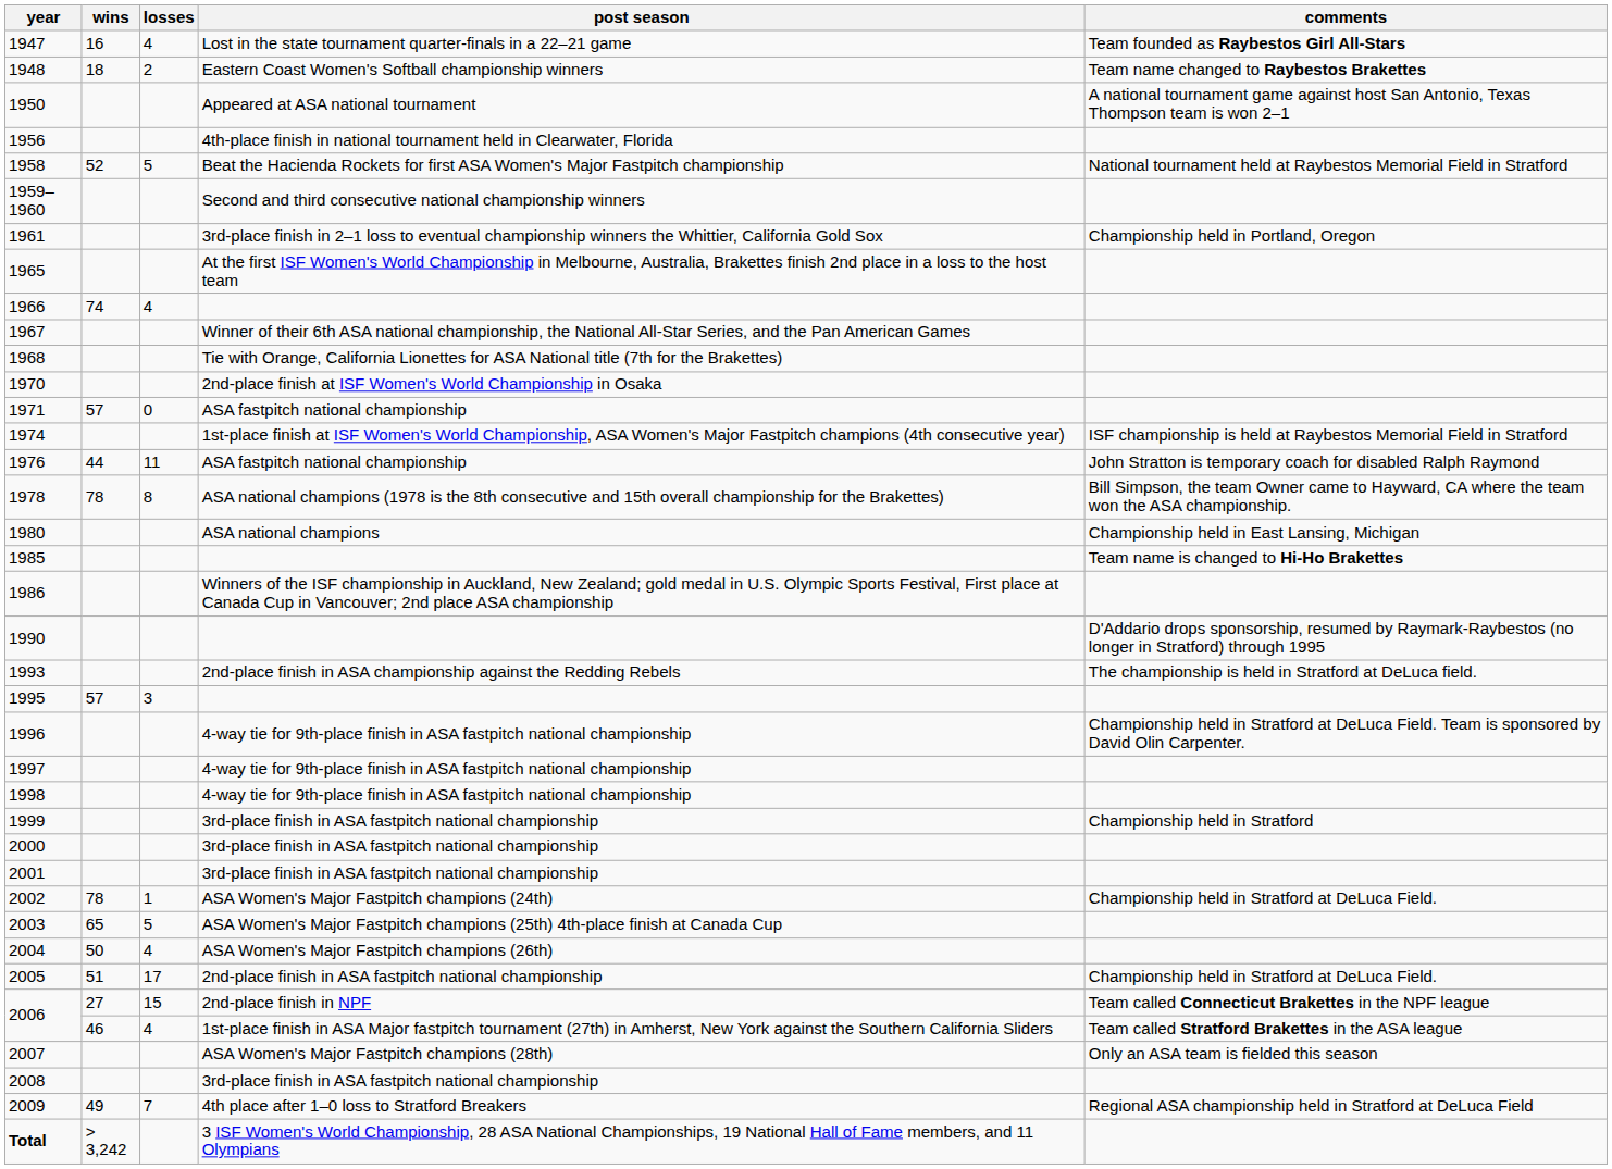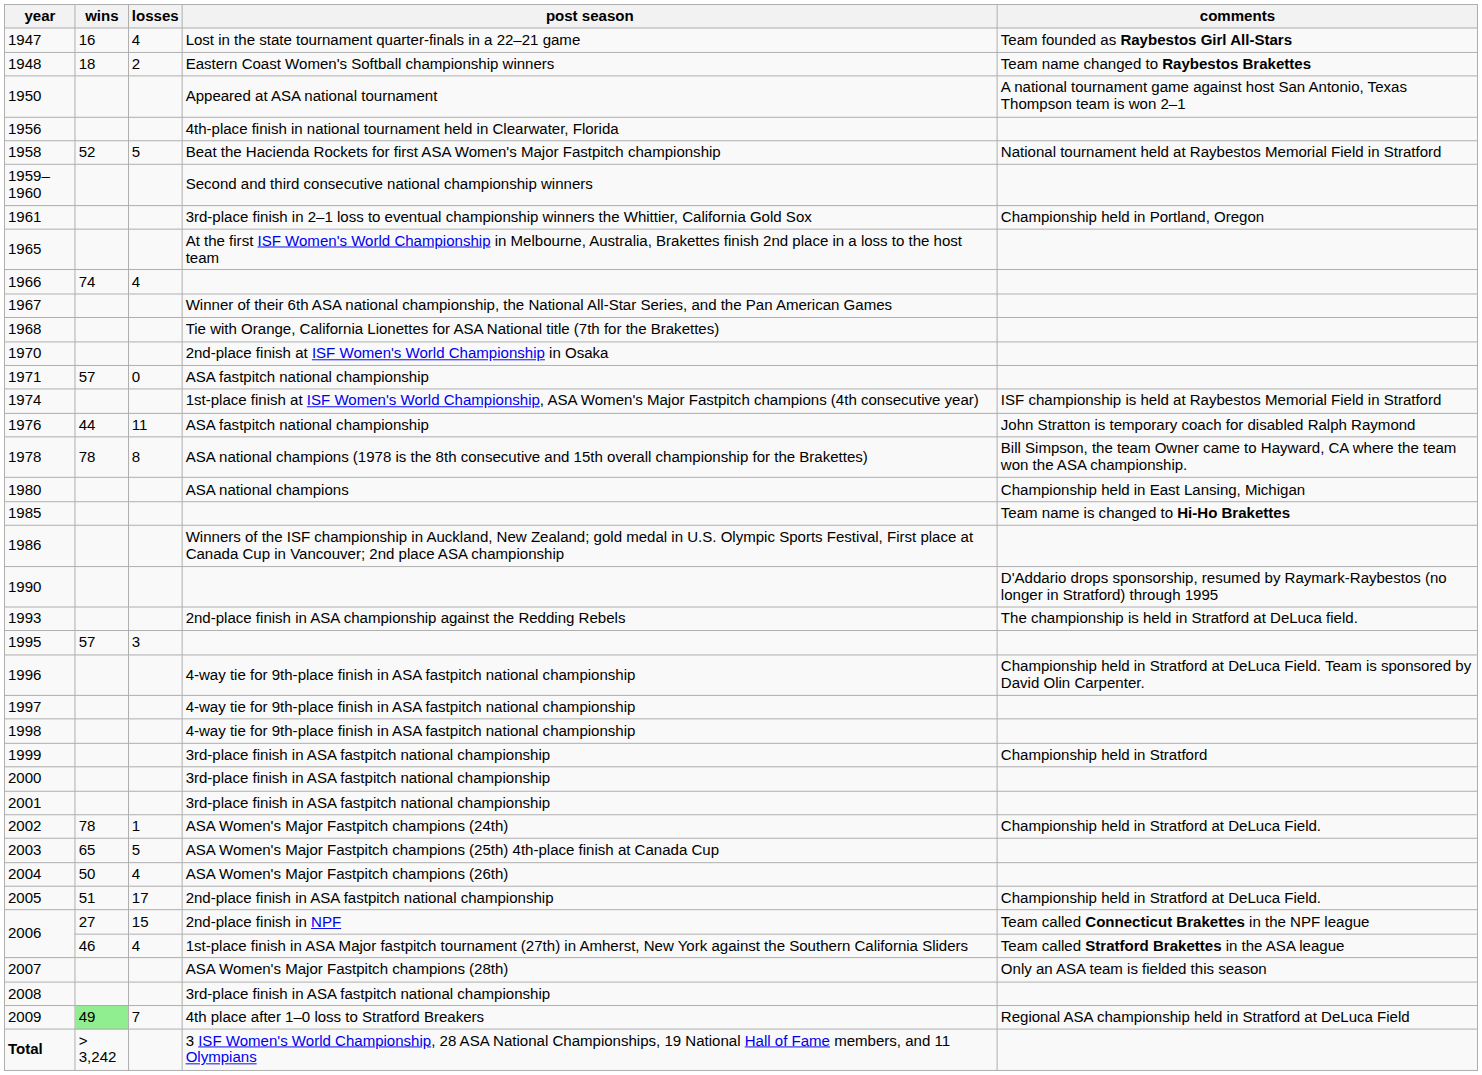 <table class="wikitable">
 <tr>
 <th>year</th>
 <th>wins</th>
 <th>losses</th>
 <th>post season</th>
 <th>comments</th>
 </tr>
 <tr>
 <td>1947</td>
 <td>16</td>
 <td>4</td>
 <td>Lost in the state tournament quarter-finals in a 22–21 game</td>
 <td>Team founded as <strong>Raybestos Girl All-Stars</strong></td>
 </tr>
 <tr>
 <td>1948</td>
 <td>18</td>
 <td>2</td>
 <td>Eastern Coast Women's Softball championship winners</td>
 <td>Team name changed to <strong>Raybestos Brakettes</strong></td>
 </tr>
 <tr>
 <td>1950</td>
 <td></td>
 <td></td>
 <td>Appeared at ASA national tournament</td>
 <td>A national tournament game against host San Antonio, Texas Thompson team is won 2–1</td>
 </tr>
 <tr>
 <td>1956</td>
 <td></td>
 <td></td>
 <td>4th-place finish in national tournament held in Clearwater, Florida</td>
 <td></td>
 </tr>
 <tr>
 <td>1958</td>
 <td>52</td>
 <td>5</td>
 <td>Beat the Hacienda Rockets for first ASA Women's Major Fastpitch championship</td>
 <td>National tournament held at Raybestos Memorial Field in Stratford</td>
 </tr>
 <tr>
 <td>1959–1960</td>
 <td></td>
 <td></td>
 <td>Second and third consecutive national championship winners</td>
 <td></td>
 </tr>
 <tr>
 <td>1961</td>
 <td></td>
 <td></td>
 <td>3rd-place finish in 2–1 loss to eventual championship winners the Whittier, California Gold Sox</td>
 <td>Championship held in Portland, Oregon</td>
 </tr>
 <tr>
 <td>1965</td>
 <td></td>
 <td></td>
 <td>At the first <a href='#'>ISF Women's World Championship</a> in Melbourne, Australia, Brakettes finish 2nd place in a loss to the host team</td>
 <td></td>
 </tr>
 <tr>
 <td>1966</td>
 <td>74</td>
 <td>4</td>
 <td></td>
 <td></td>
 </tr>
 <tr>
 <td>1967</td>
 <td></td>
 <td></td>
 <td>Winner of their 6th ASA national championship, the National All-Star Series, and the Pan American Games</td>
 <td></td>
 </tr>
 <tr>
 <td>1968</td>
 <td></td>
 <td></td>
 <td>Tie with Orange, California Lionettes for ASA National title (7th for the Brakettes)</td>
 <td></td>
 </tr>
 <tr>
 <td>1970</td>
 <td></td>
 <td></td>
 <td>2nd-place finish at <a href='#'>ISF Women's World Championship</a> in Osaka</td>
 <td></td>
 </tr>
 <tr>
 <td>1971</td>
 <td>57</td>
 <td>0</td>
 <td>ASA fastpitch national championship</td>
 <td></td>
 </tr>
 <tr>
 <td>1974</td>
 <td></td>
 <td></td>
 <td>1st-place finish at <a href='#'>ISF Women's World Championship</a>,  ASA Women's Major Fastpitch champions (4th consecutive year)</td>
 <td>ISF championship is held at Raybestos Memorial Field in Stratford</td>
 </tr>
 <tr>
 <td>1976</td>
 <td>44</td>
 <td>11</td>
 <td>ASA fastpitch national championship</td>
 <td>John Stratton is temporary coach for disabled Ralph Raymond</td>
 </tr>
 <tr>
 <td>1978</td>
 <td>78</td>
 <td>8</td>
 <td>ASA national champions (1978 is the 8th consecutive and 15th overall championship for the Brakettes)</td>
 <td>Bill Simpson, the team Owner came to Hayward, CA where the team won the ASA championship.</td>
 </tr>
 <tr>
 <td>1980</td>
 <td></td>
 <td></td>
 <td>ASA national champions</td>
 <td>Championship held in East Lansing, Michigan</td>
 </tr>
 <tr>
 <td>1985</td>
 <td></td>
 <td></td>
 <td></td>
 <td>Team name is changed to <strong>Hi-Ho Brakettes</strong></td>
 </tr>
 <tr>
 <td>1986</td>
 <td></td>
 <td></td>
 <td>Winners of the ISF championship in Auckland, New Zealand; gold medal in U.S. Olympic Sports Festival, First place at Canada Cup in Vancouver; 2nd place ASA championship</td>
 <td></td>
 </tr>
 <tr>
 <td>1990</td>
 <td></td>
 <td></td>
 <td></td>
 <td>D'Addario drops sponsorship, resumed by Raymark-Raybestos (no longer in Stratford) through 1995</td>
 </tr>
 <tr>
 <td>1993</td>
 <td></td>
 <td></td>
 <td>2nd-place finish in ASA championship against the Redding Rebels</td>
 <td>The championship is held in Stratford at DeLuca field.</td>
 </tr>
 <tr>
 <td>1995</td>
 <td>57</td>
 <td>3</td>
 <td></td>
 <td></td>
 </tr>
 <tr>
 <td>1996</td>
 <td></td>
 <td></td>
 <td>4-way tie for 9th-place finish in ASA fastpitch national championship</td>
 <td>Championship held in Stratford at DeLuca Field.  Team is sponsored by David Olin Carpenter.</td>
 </tr>
 <tr>
 <td>1997</td>
 <td></td>
 <td></td>
 <td>4-way tie for 9th-place finish in ASA fastpitch national championship</td>
 <td></td>
 </tr>
 <tr>
 <td>1998</td>
 <td></td>
 <td></td>
 <td>4-way tie for 9th-place finish in ASA fastpitch national championship</td>
 <td></td>
 </tr>
 <tr>
 <td>1999</td>
 <td></td>
 <td></td>
 <td>3rd-place finish in ASA fastpitch national championship</td>
 <td>Championship held in Stratford</td>
 </tr>
 <tr>
 <td>2000</td>
 <td></td>
 <td></td>
 <td>3rd-place finish in ASA fastpitch national championship</td>
 <td></td>
 </tr>
 <tr>
 <td>2001</td>
 <td></td>
 <td></td>
 <td>3rd-place finish in ASA fastpitch national championship</td>
 <td></td>
 </tr>
 <tr>
 <td>2002</td>
 <td>78</td>
 <td>1</td>
 <td>ASA Women's Major Fastpitch champions (24th)</td>
 <td>Championship held in Stratford at DeLuca Field.</td>
 </tr>
 <tr>
 <td>2003</td>
 <td>65</td>
 <td>5</td>
 <td>ASA Women's Major Fastpitch champions (25th) 4th-place finish at Canada Cup</td>
 <td></td>
 </tr>
 <tr>
 <td>2004</td>
 <td>50</td>
 <td>4</td>
 <td>ASA Women's Major Fastpitch champions (26th)</td>
 <td></td>
 </tr>
 <tr>
 <td>2005</td>
 <td>51</td>
 <td>17</td>
 <td>2nd-place finish in ASA fastpitch national championship</td>
 <td>Championship held in Stratford at DeLuca Field.</td>
 </tr>
 <tr>
 <td rowspan="2">2006</td>
 <td>27</td>
 <td>15</td>
 <td>2nd-place finish in <a href='#'>NPF</a></td>
 <td>Team called <strong>Connecticut Brakettes</strong> in the NPF league</td>
 </tr>
 <tr>
 <td>46</td>
 <td>4</td>
 <td>1st-place finish in ASA Major fastpitch tournament (27th) in Amherst, New York against the Southern California Sliders</td>
 <td>Team called <strong>Stratford Brakettes</strong> in the ASA league</td>
 </tr>
 <tr>
 <td>2007</td>
 <td></td>
 <td></td>
 <td>ASA Women's Major Fastpitch champions (28th)</td>
 <td>Only an ASA team is fielded this season</td>
 </tr>
 <tr>
 <td>2008</td>
 <td></td>
 <td></td>
 <td>3rd-place finish in ASA fastpitch national championship</td>
 <td></td>
 </tr>
 <tr>
 <td>2009</td>
-<td>49</td>
+<td style="background: lightgreen;">49</td>
 <td>7</td>
 <td>4th place after 1–0 loss to Stratford Breakers</td>
 <td>Regional ASA championship held in Stratford at DeLuca Field</td>
 </tr>
 <tr>
 <td><strong>Total</strong></td>
 <td>> 3,242</td>
 <td></td>
 <td>3 <a href='#'>ISF Women's World Championship</a>, 28 ASA National Championships, 19 National <a href='#'>Hall of Fame</a> members, and 11 <a href='#'>Olympians</a></td>
 <td></td>
 </tr>
 </table>
